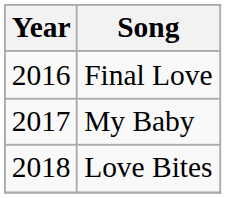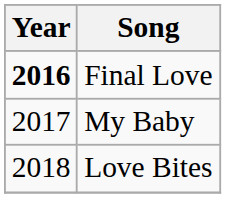 <table class="wikitable" border="1">
 <tr>
 <th>Year</th>
 <th>Song</th>
 </tr>
 <tr>
-<td>2016</td>
+<td><strong>2016</strong></td>
 <td>Final Love</td>
 </tr>
 <tr>
 <td>2017</td>
 <td>My Baby</td>
 </tr>
 <tr>
 <td>2018</td>
 <td>Love Bites</td>
 </tr>
 <tr>
 </tr>
 </table>
